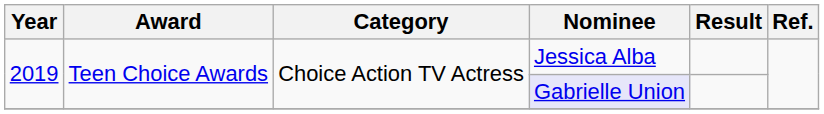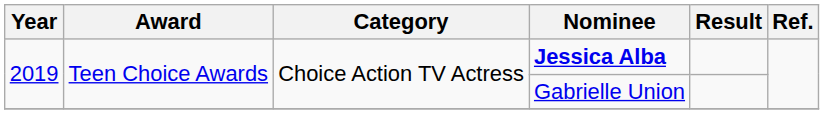 <table class="wikitable sortable">
 <tr>
 <th>Year</th>
 <th>Award</th>
 <th>Category</th>
 <th>Nominee</th>
 <th>Result</th>
 <th>Ref.</th>
 </tr>
 <tr>
 <td rowspan="2"><a href='#'>2019</a></td>
 <td rowspan="2"><a href='#'>Teen Choice Awards</a></td>
 <td rowspan="2">Choice Action TV Actress</td>
-<td><a href='#'>Jessica Alba</a></td>
+<td><strong><a href='#'>Jessica Alba</a></strong></td>
 <td></td>
 <td rowspan="2" style="text-align:center;"></td>
 </tr>
 <tr>
-<td style="background: lavender;"><a href='#'>Gabrielle Union</a></td>
+<td><a href='#'>Gabrielle Union</a></td>
 <td></td>
 </tr>
 <tr>
 </tr>
 </table>
